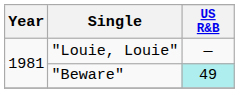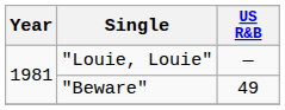 <table class="wikitable" style="text-align:center;">
 <tr>
 <th rowspan="2">Year</th>
 <th rowspan="2">Single</th>
 </tr>
 <tr style="font-size:smaller;">
 <th width="40"><a href='#'>US<br>R&B</a></th>
 </tr>
 <tr>
 <td rowspan="2">1981</td>
 <td align="left">"Louie, Louie"</td>
 <td>—</td>
 </tr>
 <tr>
 <td align="left">"Beware"</td>
-<td style="background: paleturquoise;">49</td>
+<td>49</td>
 </tr>
 <tr>
 </tr>
 </table>
